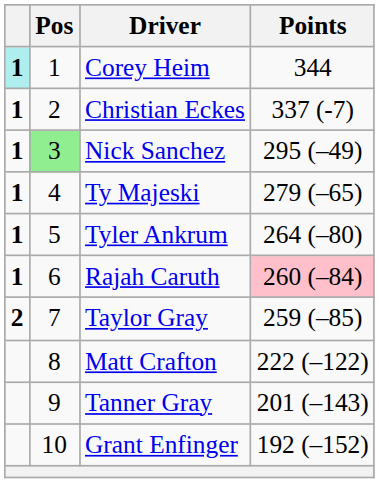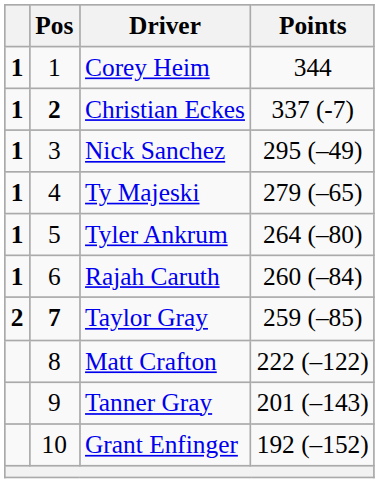 <table class="wikitable" style="font-size: 95%;">
 <tr>
 <th></th>
 <th>Pos</th>
 <th>Driver</th>
 <th>Points</th>
 </tr>
 <tr>
-<td align="left" style="background: paleturquoise;"> <strong>1</strong></td>
+<td align="left"> <strong>1</strong></td>
 <td style="text-align:center;">1</td>
 <td><a href='#'>Corey Heim</a></td>
 <td style="text-align:center;">344</td>
 </tr>
 <tr>
 <td align="left"> <strong>1</strong></td>
-<td style="text-align:center;">2</td>
+<td style="text-align:center;"><strong>2</strong></td>
 <td><a href='#'>Christian Eckes</a></td>
 <td style="text-align:center;">337 (-7)</td>
 </tr>
 <tr>
 <td align="left"> <strong>1</strong></td>
-<td style="background: lightgreen; text-align:center;">3</td>
+<td style="text-align:center;">3</td>
 <td><a href='#'>Nick Sanchez</a></td>
 <td style="text-align:center;">295 (–49)</td>
 </tr>
 <tr>
 <td align="left"> <strong>1</strong></td>
 <td style="text-align:center;">4</td>
 <td><a href='#'>Ty Majeski</a></td>
 <td style="text-align:center;">279 (–65)</td>
 </tr>
 <tr>
 <td align="left"> <strong>1</strong></td>
 <td style="text-align:center;">5</td>
 <td><a href='#'>Tyler Ankrum</a></td>
 <td style="text-align:center;">264 (–80)</td>
 </tr>
 <tr>
 <td align="left"> <strong>1</strong></td>
 <td style="text-align:center;">6</td>
 <td><a href='#'>Rajah Caruth</a></td>
-<td style="background: pink; text-align:center;">260 (–84)</td>
+<td style="text-align:center;">260 (–84)</td>
 </tr>
 <tr>
 <td align="left"> <strong>2</strong></td>
-<td style="text-align:center;">7</td>
+<td style="text-align:center;"><strong>7</strong></td>
 <td><a href='#'>Taylor Gray</a></td>
 <td style="text-align:center;">259 (–85)</td>
 </tr>
 <tr>
 <td align="left"></td>
 <td style="text-align:center;">8</td>
 <td><a href='#'>Matt Crafton</a></td>
 <td style="text-align:center;">222 (–122)</td>
 </tr>
 <tr>
 <td align="left"></td>
 <td style="text-align:center;">9</td>
 <td><a href='#'>Tanner Gray</a></td>
 <td style="text-align:center;">201 (–143)</td>
 </tr>
 <tr>
 <td align="left"></td>
 <td style="text-align:center;">10</td>
 <td><a href='#'>Grant Enfinger</a></td>
 <td style="text-align:center;">192 (–152)</td>
 </tr>
 <tr class="sortbottom">
 <th colspan="9"></th>
 </tr>
 </table>
